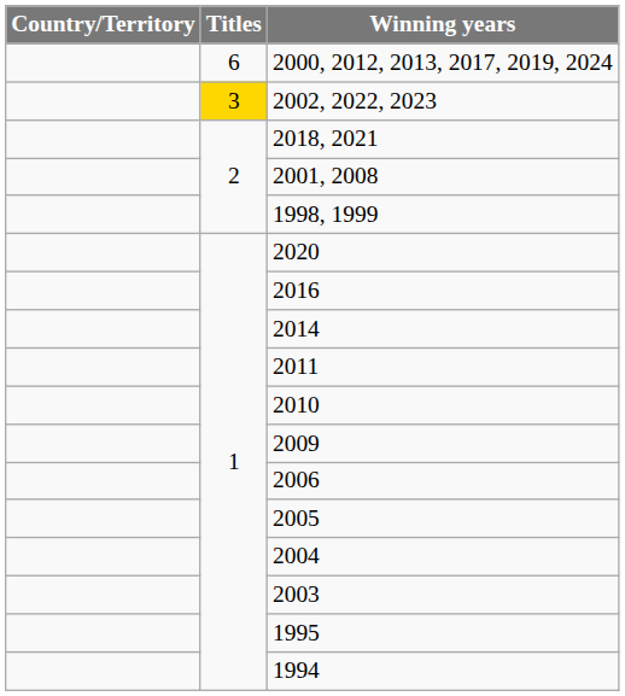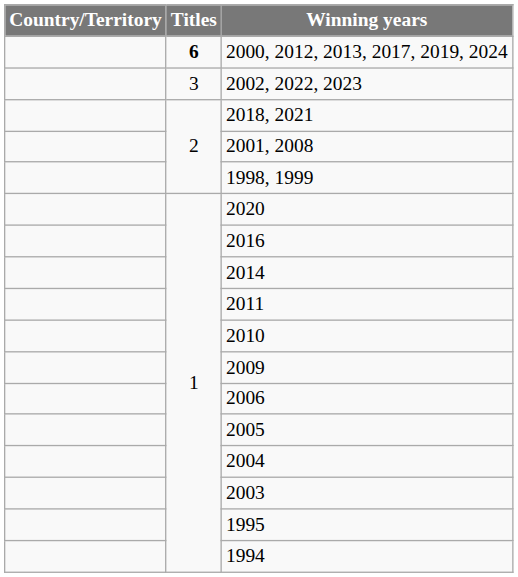 <table class="wikitable sortable" style="font-size: 92%;">
 <tr>
 <th style="background-color:#787878;color:#FFFFFF;">Country/Territory</th>
 <th style="background-color:#787878;color:#FFFFFF;">Titles</th>
 <th style="background-color:#787878;color:#FFFFFF;">Winning years</th>
 </tr>
 <tr>
 <td></td>
-<td rowspan="1" align=center>6</td>
+<td rowspan="1" align=center><strong>6</strong></td>
 <td>2000, 2012, 2013, 2017, 2019, 2024</td>
 </tr>
 <tr>
 <td></td>
-<td align=center style="background: gold;">3</td>
+<td align=center>3</td>
 <td>2002, 2022, 2023</td>
 </tr>
 <tr>
 <td></td>
 <td rowspan="3" align=center>2</td>
 <td>2018, 2021</td>
 </tr>
 <tr>
 <td></td>
 <td>2001, 2008</td>
 </tr>
 <tr>
 <td></td>
 <td>1998, 1999</td>
 </tr>
 <tr>
 <td></td>
 <td rowspan="12" align=center>1</td>
 <td>2020</td>
 </tr>
 <tr>
 <td></td>
 <td>2016</td>
 </tr>
 <tr>
 <td></td>
 <td>2014</td>
 </tr>
 <tr>
 <td></td>
 <td>2011</td>
 </tr>
 <tr>
 <td></td>
 <td>2010</td>
 </tr>
 <tr>
 <td></td>
 <td>2009</td>
 </tr>
 <tr>
 <td></td>
 <td>2006</td>
 </tr>
 <tr>
 <td></td>
 <td>2005</td>
 </tr>
 <tr>
 <td></td>
 <td>2004</td>
 </tr>
 <tr>
 <td></td>
 <td>2003</td>
 </tr>
 <tr>
 <td></td>
 <td>1995</td>
 </tr>
 <tr>
 <td></td>
 <td>1994</td>
 </tr>
 </table>
